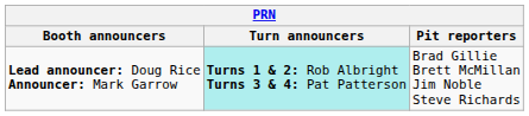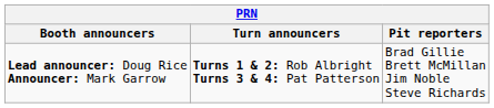 <table class="wikitable" style="font-size: 95%">
 <tr>
 <th colspan="3"><a href='#'>PRN</a></th>
 </tr>
 <tr>
 <th>Booth announcers</th>
 <th>Turn announcers</th>
 <th>Pit reporters</th>
 </tr>
 <tr>
 <td><strong>Lead announcer:</strong> Doug Rice<br><strong>Announcer:</strong> Mark Garrow</td>
-<td style="background: paleturquoise;"><strong>Turns 1 & 2:</strong> Rob Albright<br><strong>Turns 3 & 4:</strong> Pat Patterson</td>
+<td><strong>Turns 1 & 2:</strong> Rob Albright<br><strong>Turns 3 & 4:</strong> Pat Patterson</td>
 <td>Brad Gillie<br>Brett McMillan<br>Jim Noble<br>Steve Richards</td>
 </tr>
 </table>
